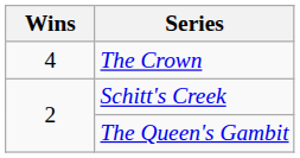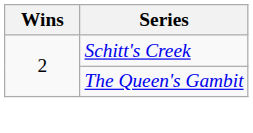 <table class="wikitable">
 <tr>
 <th scope="col" style="width:55px;">Wins</th>
 <th scope="col" style="text-align:center;">Series</th>
-</tr>
-<tr>
-<td rowspan="1" style="text-align:center">4</td>
-<td><em><a href='#'>The Crown</a></em></td>
 </tr>
 <tr>
 <td rowspan="2" style="text-align:center">2</td>
 <td><em><a href='#'>Schitt's Creek</a></em></td>
 </tr>
 <tr>
 <td><em><a href='#'>The Queen's Gambit</a></em></td>
 </tr>
 </table>
